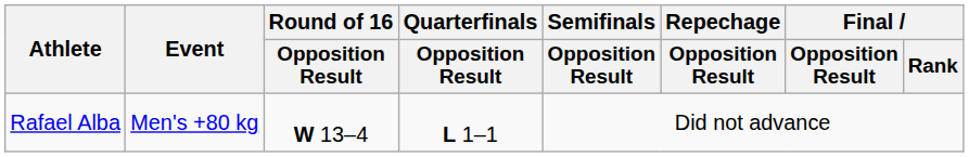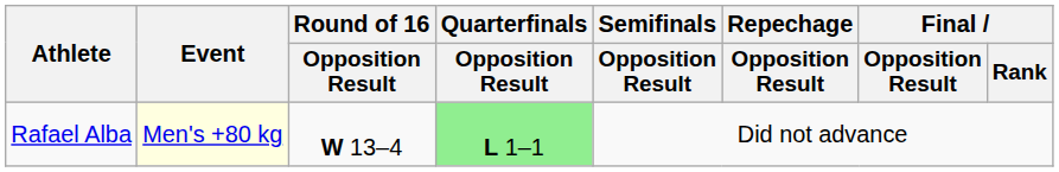 <table class="wikitable" style="font-size:90%;">
 <tr>
 <th rowspan=2>Athlete</th>
 <th rowspan=2>Event</th>
 <th>Round of 16</th>
 <th>Quarterfinals</th>
 <th>Semifinals</th>
 <th>Repechage</th>
 <th colspan=2>Final / </th>
 </tr>
 <tr style="font-size:95%">
 <th>Opposition<br>Result</th>
 <th>Opposition<br>Result</th>
 <th>Opposition<br>Result</th>
 <th>Opposition<br>Result</th>
 <th>Opposition<br>Result</th>
 <th>Rank</th>
 </tr>
 <tr align=center>
 <td align=left><a href='#'>Rafael Alba</a></td>
-<td align=left><a href='#'>Men's +80 kg</a></td>
+<td align=left style="background: lightyellow;"><a href='#'>Men's +80 kg</a></td>
 <td><br><strong>W</strong> 13–4</td>
-<td><br><strong>L</strong> 1–1 </td>
+<td style="background: lightgreen;"><br><strong>L</strong> 1–1 </td>
 <td colspan=4>Did not advance</td>
 </tr>
 </table>
